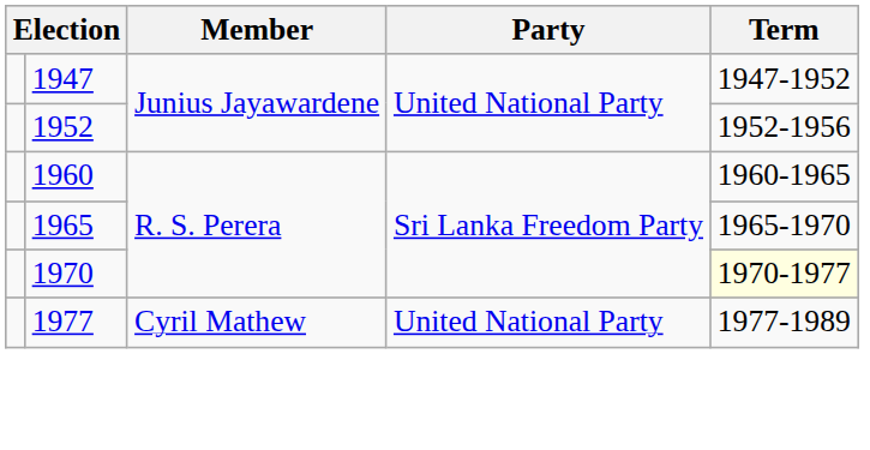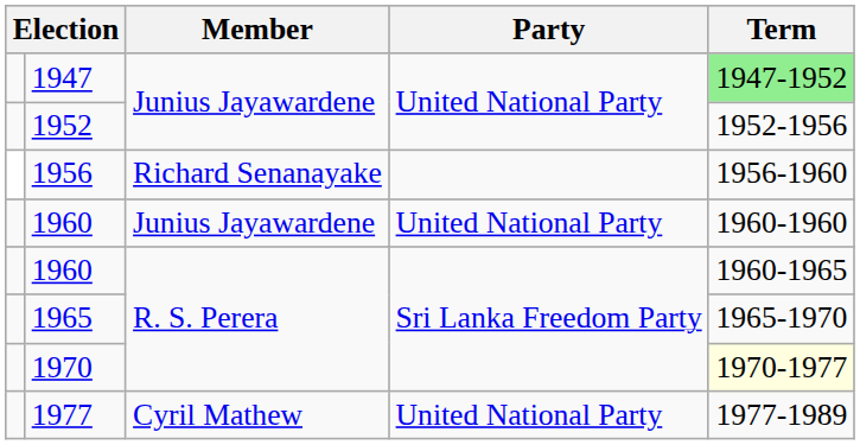 <table class="wikitable">
 <tr>
 <th colspan="2">Election</th>
 <th>Member</th>
 <th>Party</th>
 <th>Term</th>
 </tr>
 <tr>
 <td style="background-color: "></td>
 <td><a href='#'>1947</a></td>
 <td rowspan ="2"><a href='#'>Junius Jayawardene</a></td>
 <td rowspan ="2"><a href='#'>United National Party</a></td>
-<td>1947-1952</td>
+<td style="background: lightgreen;">1947-1952</td>
 </tr>
 <tr>
 <td style="background-color: "></td>
 <td><a href='#'>1952</a></td>
 <td>1952-1956</td>
+</tr>
+<tr>
+<td style="background-color: white"></td>
+<td><a href='#'>1956</a></td>
+<td><a href='#'>Richard Senanayake</a></td>
+<td></td>
+<td>1956-1960</td>
+</tr>
+<tr>
+<td style="background-color: "></td>
+<td><a href='#'>1960</a></td>
+<td><a href='#'>Junius Jayawardene</a></td>
+<td><a href='#'>United National Party</a></td>
+<td>1960-1960</td>
 </tr>
 <tr>
 <td style="background-color: "></td>
 <td><a href='#'>1960</a></td>
 <td rowspan ="3"><a href='#'>R. S. Perera</a></td>
 <td rowspan ="3"><a href='#'>Sri Lanka Freedom Party</a></td>
 <td>1960-1965</td>
 </tr>
 <tr>
 <td style="background-color: "></td>
 <td><a href='#'>1965</a></td>
 <td>1965-1970</td>
 </tr>
 <tr>
 <td style="background-color: "></td>
 <td><a href='#'>1970</a></td>
 <td style="background: lightyellow;">1970-1977</td>
 </tr>
 <tr>
 <td style="background-color: "></td>
 <td><a href='#'>1977</a></td>
 <td><a href='#'>Cyril Mathew</a></td>
 <td><a href='#'>United National Party</a></td>
 <td>1977-1989</td>
 </tr>
 </table>
